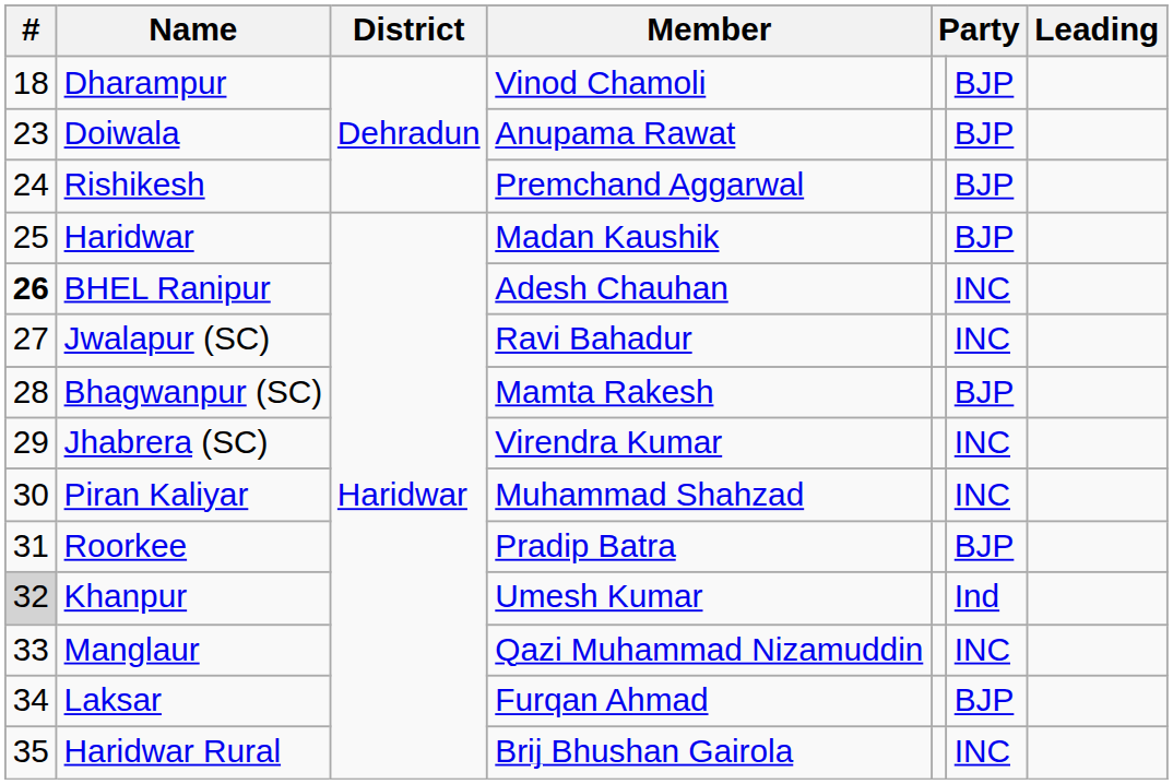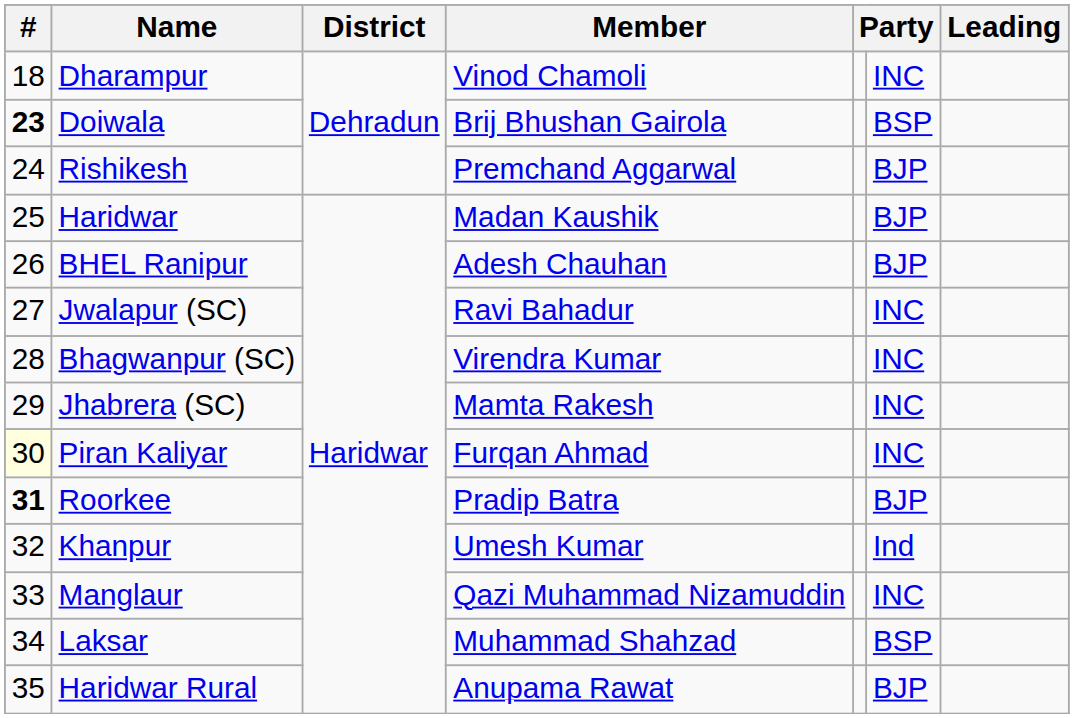 <table class="wikitable">
 <tr>
 <th>#</th>
 <th>Name</th>
 <th>District</th>
 <th>Member</th>
 <th colspan="2">Party</th>
 <th colspan="2">Leading<br></th>
 </tr>
 <tr>
 <td align="center">18</td>
 <td><a href='#'>Dharampur</a></td>
 <td rowspan="3"><a href='#'>Dehradun</a></td>
 <td><a href='#'>Vinod Chamoli</a></td>
 <td style="background-color: "></td>
-<td><a href='#'>BJP</a></td>
+<td><a href='#'>INC</a></td>
 <td></td>
 </tr>
 <tr>
-<td align="center">23</td>
+<td align="center"><strong>23</strong></td>
 <td><a href='#'>Doiwala</a></td>
-<td><a href='#'>Anupama Rawat</a></td>
+<td><a href='#'>Brij Bhushan Gairola</a></td>
 <td style="background-color: "></td>
-<td><a href='#'>BJP</a></td>
+<td><a href='#'>BSP</a></td>
 <td></td>
 </tr>
 <tr>
 <td align="center">24</td>
 <td><a href='#'>Rishikesh</a></td>
 <td><a href='#'>Premchand Aggarwal</a></td>
 <td style="background-color: "></td>
 <td><a href='#'>BJP</a></td>
 <td></td>
 </tr>
 <tr>
 <td align="center">25</td>
 <td><a href='#'>Haridwar</a></td>
 <td rowspan="11"><a href='#'>Haridwar</a></td>
 <td><a href='#'>Madan Kaushik</a></td>
 <td style="background-color: "></td>
 <td><a href='#'>BJP</a></td>
 <td></td>
 </tr>
 <tr>
-<td align="center"><strong>26</strong></td>
+<td align="center">26</td>
 <td><a href='#'>BHEL Ranipur</a></td>
 <td><a href='#'>Adesh Chauhan</a></td>
 <td style="background-color: "></td>
-<td><a href='#'>INC</a></td>
+<td><a href='#'>BJP</a></td>
 <td></td>
 </tr>
 <tr>
 <td align="center">27</td>
 <td><a href='#'>Jwalapur</a> (SC)</td>
 <td><a href='#'>Ravi Bahadur</a></td>
 <td style="background-color: "></td>
 <td><a href='#'>INC</a></td>
 <td></td>
 </tr>
 <tr>
 <td align="center">28</td>
 <td><a href='#'>Bhagwanpur</a> (SC)</td>
-<td><a href='#'>Mamta Rakesh</a></td>
-<td style="background-color: "></td>
-<td><a href='#'>BJP</a></td>
-<td></td>
-</tr>
-<tr>
-<td align="center">29</td>
-<td><a href='#'>Jhabrera</a> (SC)</td>
 <td><a href='#'>Virendra Kumar</a></td>
 <td style="background-color: "></td>
 <td><a href='#'>INC</a></td>
 <td></td>
 </tr>
 <tr>
-<td align="center">30</td>
-<td><a href='#'>Piran Kaliyar</a></td>
-<td><a href='#'>Muhammad Shahzad</a></td>
+<td align="center">29</td>
+<td><a href='#'>Jhabrera</a> (SC)</td>
+<td><a href='#'>Mamta Rakesh</a></td>
 <td style="background-color: "></td>
 <td><a href='#'>INC</a></td>
 <td></td>
 </tr>
 <tr>
-<td align="center">31</td>
+<td align="center" style="background: lightyellow;">30</td>
+<td><a href='#'>Piran Kaliyar</a></td>
+<td><a href='#'>Furqan Ahmad</a></td>
+<td style="background-color: "></td>
+<td><a href='#'>INC</a></td>
+<td></td>
+</tr>
+<tr>
+<td align="center"><strong>31</strong></td>
 <td><a href='#'>Roorkee</a></td>
 <td><a href='#'>Pradip Batra</a></td>
 <td style="background-color: "></td>
 <td><a href='#'>BJP</a></td>
 <td></td>
 </tr>
 <tr>
-<td align="center" style="background: lightgrey;">32</td>
+<td align="center">32</td>
 <td><a href='#'>Khanpur</a></td>
 <td><a href='#'>Umesh Kumar</a></td>
 <td style="background-color: "></td>
 <td><a href='#'>Ind</a></td>
 <td></td>
 </tr>
 <tr>
 <td align="center">33</td>
 <td><a href='#'>Manglaur</a></td>
 <td><a href='#'>Qazi Muhammad Nizamuddin</a></td>
 <td style="background-color: "></td>
 <td><a href='#'>INC</a></td>
 <td></td>
 </tr>
 <tr>
 <td align="center">34</td>
 <td><a href='#'>Laksar</a></td>
-<td><a href='#'>Furqan Ahmad</a></td>
+<td><a href='#'>Muhammad Shahzad</a></td>
 <td style="background-color: "></td>
-<td><a href='#'>BJP</a></td>
+<td><a href='#'>BSP</a></td>
 <td></td>
 </tr>
 <tr>
 <td align="center">35</td>
 <td><a href='#'>Haridwar Rural</a></td>
-<td><a href='#'>Brij Bhushan Gairola</a></td>
+<td><a href='#'>Anupama Rawat</a></td>
 <td style="background-color: "></td>
-<td><a href='#'>INC</a></td>
+<td><a href='#'>BJP</a></td>
 <td></td>
 </tr>
 </table>
